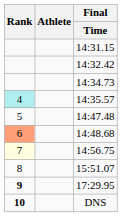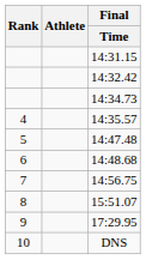 <table class="wikitable sortable"  style="text-align:center">
 <tr>
 <th rowspan="2" data-sort-type=number>Rank</th>
 <th rowspan="2">Athlete</th>
 <th colspan="1">Final</th>
 </tr>
 <tr>
 <th>Time</th>
 </tr>
 <tr>
 <td></td>
 <td align="left"></td>
 <td>14:31.15</td>
 </tr>
 <tr>
 <td></td>
 <td align="left"></td>
 <td>14:32.42</td>
 </tr>
 <tr>
 <td></td>
 <td align="left"></td>
 <td>14:34.73</td>
 </tr>
 <tr>
-<td style="background: paleturquoise;">4</td>
+<td>4</td>
 <td align="left"></td>
 <td>14:35.57</td>
 </tr>
 <tr>
 <td>5</td>
 <td align="left"></td>
 <td>14:47.48</td>
 </tr>
 <tr>
-<td style="background: lightsalmon;">6</td>
+<td>6</td>
 <td align="left"></td>
 <td>14:48.68</td>
 </tr>
 <tr>
-<td style="background: lightyellow;">7</td>
+<td>7</td>
 <td align="left"></td>
 <td>14:56.75</td>
 </tr>
 <tr>
 <td>8</td>
 <td align="left"></td>
 <td>15:51.07</td>
 </tr>
 <tr>
-<td><strong>9</strong></td>
+<td>9</td>
 <td align="left"></td>
 <td>17:29.95</td>
 </tr>
 <tr>
-<td><strong>10</strong></td>
+<td>10</td>
 <td align="left"></td>
 <td>DNS</td>
 </tr>
 </table>
